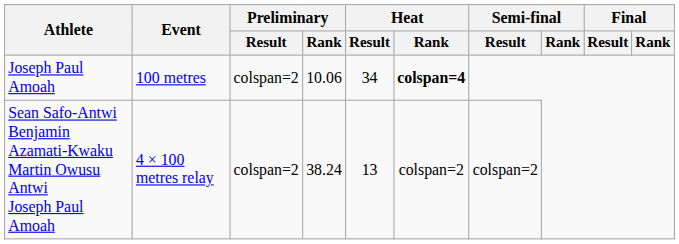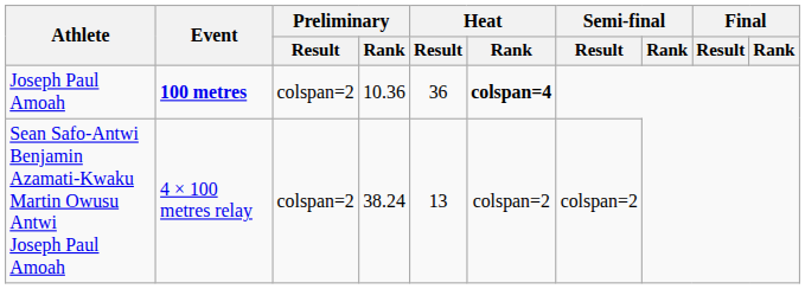 <table class="wikitable" style="font-size:90%">
 <tr>
 <th rowspan="2">Athlete</th>
 <th rowspan="2">Event</th>
 <th colspan="2">Preliminary</th>
 <th colspan="2">Heat</th>
 <th colspan="2">Semi-final</th>
 <th colspan="2">Final</th>
 </tr>
 <tr style="font-size:95%">
 <th>Result</th>
 <th>Rank</th>
 <th>Result</th>
 <th>Rank</th>
 <th>Result</th>
 <th>Rank</th>
 <th>Result</th>
 <th>Rank</th>
 </tr>
 <tr style=text-align:center>
 <td style=text-align:left><a href='#'>Joseph Paul Amoah</a></td>
-<td style=text-align:left><a href='#'>100 metres</a></td>
+<td style=text-align:left><strong><a href='#'>100 metres</a></strong></td>
 <td>colspan=2</td>
-<td>10.06</td>
-<td>34</td>
+<td>10.36</td>
+<td>36</td>
 <td><strong>colspan=4</strong></td>
 </tr>
 <tr style=text-align:center>
 <td style=text-align:left><a href='#'>Sean Safo-Antwi</a><br><a href='#'>Benjamin Azamati-Kwaku</a><br><a href='#'>Martin Owusu Antwi</a><br><a href='#'>Joseph Paul Amoah</a></td>
 <td style=text-align:left><a href='#'>4 × 100 metres relay</a></td>
 <td>colspan=2</td>
 <td>38.24 </td>
 <td>13</td>
 <td>colspan=2</td>
 <td>colspan=2</td>
 </tr>
 </table>
